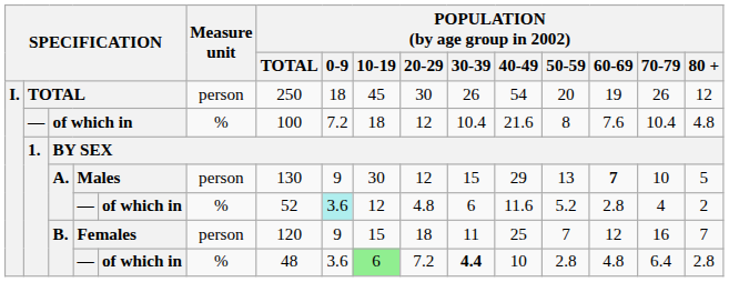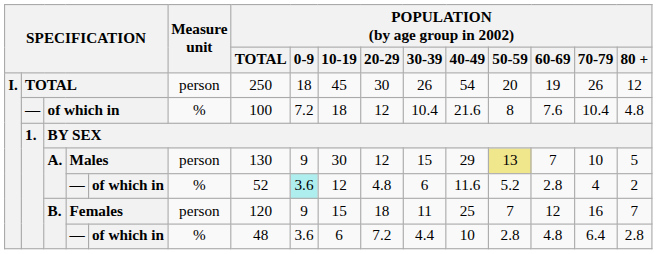 <table class="wikitable" style="font-size:85%; text-align:center">
 <tr>
 <th rowspan="2" colspan="5">SPECIFICATION</th>
 <th rowspan="2">Measure<br> unit</th>
 <th colspan="10" rowspan="1">POPULATION<br> (by age group in 2002)</th>
 </tr>
 <tr>
 <th>TOTAL</th>
 <th>0-9</th>
 <th>10-19</th>
 <th>20-29</th>
 <th>30-39</th>
 <th>40-49</th>
 <th>50-59</th>
 <th>60-69</th>
 <th>70-79</th>
 <th>80 +</th>
 </tr>
 <tr>
 <th style="text-align:left" valign="top" rowspan="7">I.</th>
 <th style="text-align:left" colspan="4">TOTAL</th>
 <td>person</td>
 <td>250</td>
 <td>18</td>
 <td>45</td>
 <td>30</td>
 <td>26</td>
 <td>54</td>
 <td>20</td>
 <td>19</td>
 <td>26</td>
 <td>12</td>
 </tr>
 <tr>
 <th style="text-align:left" valign="top">—</th>
 <th style="text-align:left" colspan="3">of which in</th>
 <td>%</td>
 <td>100</td>
 <td>7.2</td>
 <td>18</td>
 <td>12</td>
 <td>10.4</td>
 <td>21.6</td>
 <td>8</td>
 <td>7.6</td>
 <td>10.4</td>
 <td>4.8</td>
 </tr>
 <tr>
 <th style="text-align:left" valign="top" rowspan="5">1.</th>
 <th style="text-align:left" colspan="14">BY SEX</th>
 </tr>
 <tr>
 <th style="text-align:left" valign="top" rowspan="2">A.</th>
 <th style="text-align:left" colspan="2">Males</th>
 <td>person</td>
 <td>130</td>
 <td>9</td>
 <td>30</td>
 <td>12</td>
 <td>15</td>
 <td>29</td>
-<td>13</td>
-<td><strong>7</strong></td>
+<td style="background: khaki;">13</td>
+<td>7</td>
 <td>10</td>
 <td>5</td>
 </tr>
 <tr>
 <th style="text-align:left" valign="top">—</th>
 <th style="text-align:left" colspan="1">of which in</th>
 <td>%</td>
 <td>52</td>
 <td style="background: paleturquoise;">3.6</td>
 <td>12</td>
 <td>4.8</td>
 <td>6</td>
 <td>11.6</td>
 <td>5.2</td>
 <td>2.8</td>
 <td>4</td>
 <td>2</td>
 </tr>
 <tr>
 <th style="text-align:left" valign="top" rowspan="2">B.</th>
 <th style="text-align:left" colspan="2">Females</th>
 <td>person</td>
 <td>120</td>
 <td>9</td>
 <td>15</td>
 <td>18</td>
 <td>11</td>
 <td>25</td>
 <td>7</td>
 <td>12</td>
 <td>16</td>
 <td>7</td>
 </tr>
 <tr>
 <th style="text-align:left" valign="top">—</th>
 <th style="text-align:left" colspan="1">of which in</th>
 <td>%</td>
 <td>48</td>
 <td>3.6</td>
-<td style="background: lightgreen;">6</td>
+<td>6</td>
 <td>7.2</td>
-<td><strong>4.4</strong></td>
+<td>4.4</td>
 <td>10</td>
 <td>2.8</td>
 <td>4.8</td>
 <td>6.4</td>
 <td>2.8</td>
 </tr>
 </table>
